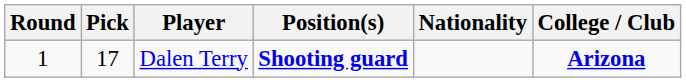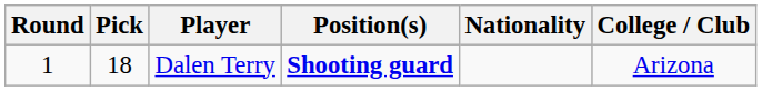 <table class="wikitable sortable sortable">
 <tr>
 <th>Round</th>
 <th>Pick</th>
 <th>Player</th>
 <th>Position(s)</th>
 <th>Nationality</th>
 <th>College / Club</th>
 </tr>
 <tr style="text-align: center">
 <td>1</td>
-<td>17</td>
+<td>18</td>
 <td><a href='#'>Dalen Terry</a></td>
 <td><strong><a href='#'>Shooting guard</a></strong></td>
 <td></td>
-<td><strong><a href='#'>Arizona</a></strong></td>
+<td><a href='#'>Arizona</a></td>
 </tr>
 </table>
